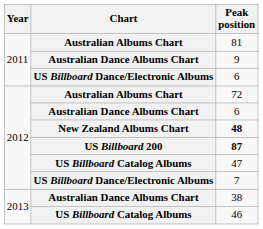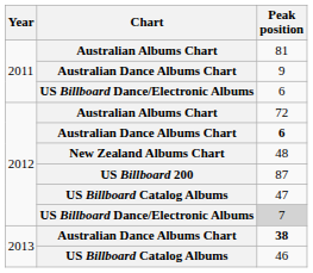 <table class="wikitable plainrowheaders sortable">
 <tr>
 <th>Year</th>
 <th>Chart</th>
 <th>Peak<br>position</th>
 </tr>
 <tr>
 <td rowspan=3>2011</td>
 <th scope="row">Australian Albums Chart</th>
 <td style="text-align:center;">81</td>
 </tr>
 <tr>
 <th scope="row">Australian Dance Albums Chart</th>
 <td style="text-align:center;">9</td>
 </tr>
 <tr>
 <th scope="row">US <em>Billboard</em> Dance/Electronic Albums</th>
 <td style="text-align:center;">6</td>
 </tr>
 <tr>
 <td rowspan=6>2012</td>
 <th scope="row">Australian Albums Chart</th>
 <td style="text-align:center;">72</td>
 </tr>
 <tr>
 <th scope="row">Australian Dance Albums Chart</th>
-<td style="text-align:center;">6</td>
+<td style="text-align:center;"><strong>6</strong></td>
 </tr>
 <tr>
 <th scope="row">New Zealand Albums Chart</th>
-<td style="text-align:center;"><strong>48</strong></td>
+<td style="text-align:center;">48</td>
 </tr>
 <tr>
 <th scope="row">US <em>Billboard</em> 200</th>
-<td style="text-align:center;"><strong>87</strong></td>
+<td style="text-align:center;">87</td>
 </tr>
 <tr>
 <th scope="row">US <em>Billboard</em> Catalog Albums</th>
 <td style="text-align:center;">47</td>
 </tr>
 <tr>
 <th scope="row">US <em>Billboard</em> Dance/Electronic Albums</th>
-<td style="text-align:center;">7</td>
+<td style="background: lightgrey; text-align:center;">7</td>
 </tr>
 <tr>
 <td rowspan=2>2013</td>
 <th scope="row">Australian Dance Albums Chart</th>
-<td style="text-align:center;">38</td>
+<td style="text-align:center;"><strong>38</strong></td>
 </tr>
 <tr>
 <th scope="row">US <em>Billboard</em> Catalog Albums</th>
 <td style="text-align:center;">46</td>
 </tr>
 </table>
